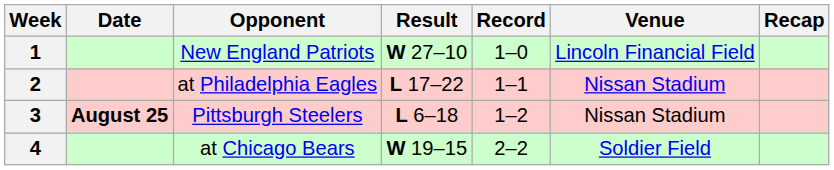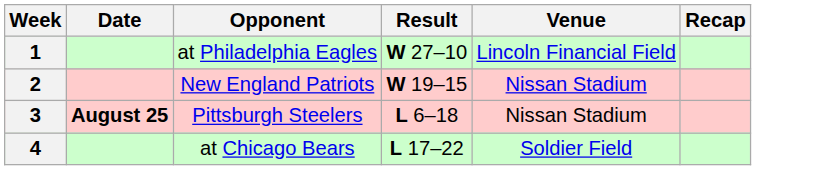 <table class="wikitable" style="text-align:center">
 <tr>
 <th>Week</th>
 <th>Date</th>
 <th>Opponent</th>
 <th>Result</th>
-<th>Record</th>
 <th>Venue</th>
 <th>Recap</th>
 </tr>
 <tr style="background:#cfc">
 <th>1</th>
 <td></td>
-<td><a href='#'>New England Patriots</a></td>
+<td>at <a href='#'>Philadelphia Eagles</a></td>
 <td><strong>W</strong> 27–10</td>
-<td>1–0</td>
 <td><a href='#'>Lincoln Financial Field</a></td>
 <td></td>
 </tr>
 <tr style="background:#fcc">
 <th>2</th>
 <td></td>
-<td>at <a href='#'>Philadelphia Eagles</a></td>
-<td><strong>L</strong> 17–22</td>
-<td>1–1</td>
+<td><a href='#'>New England Patriots</a></td>
+<td><strong>W</strong> 19–15</td>
 <td><a href='#'>Nissan Stadium</a></td>
 <td></td>
 </tr>
 <tr style="background:#fcc">
 <th>3</th>
 <td><strong>August 25</strong></td>
 <td><a href='#'>Pittsburgh Steelers</a></td>
 <td><strong>L</strong> 6–18</td>
-<td>1–2</td>
 <td>Nissan Stadium</td>
 <td></td>
 </tr>
 <tr style="background:#cfc">
 <th>4</th>
 <td></td>
 <td>at <a href='#'>Chicago Bears</a></td>
-<td><strong>W</strong> 19–15</td>
-<td>2–2</td>
+<td><strong>L</strong> 17–22</td>
 <td><a href='#'>Soldier Field</a></td>
 <td></td>
 </tr>
 </table>
